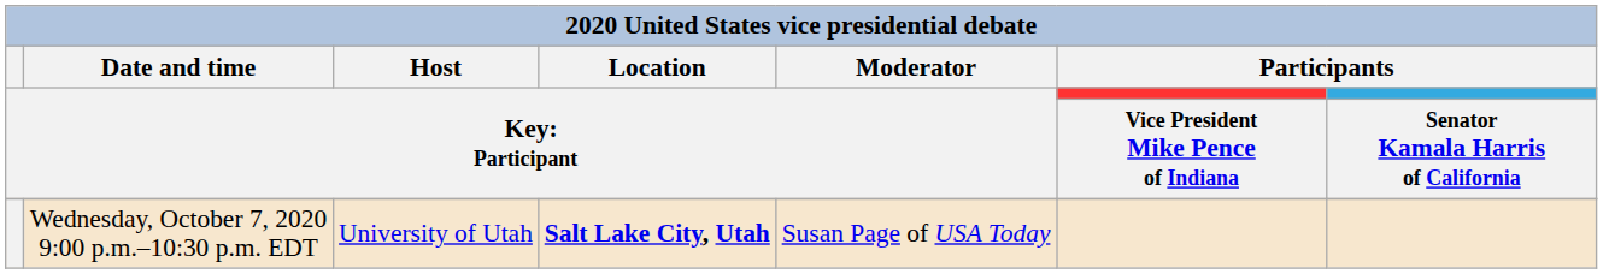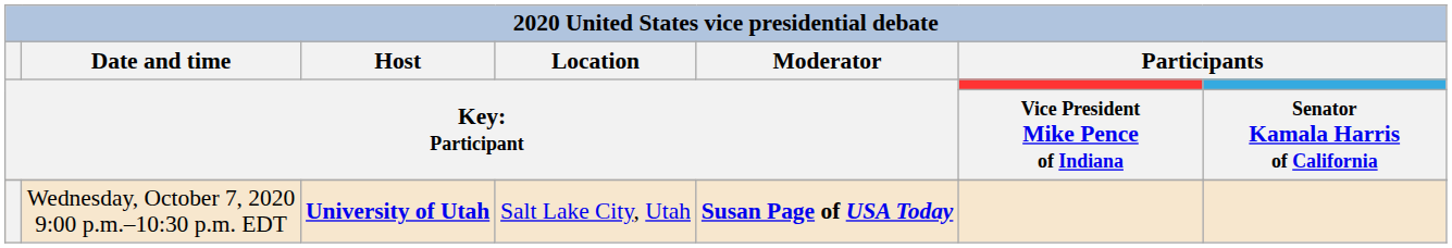 <table class="wikitable">
 <tr>
 <th style="background:#B0C4DE" colspan="16">2020 United States vice presidential debate</th>
 </tr>
 <tr>
 <th style="white-space:nowrap;"> </th>
 <th>Date and time</th>
 <th>Host</th>
 <th>Location</th>
 <th>Moderator</th>
 <th scope="col" colspan="10">Participants</th>
 </tr>
 <tr>
 <th colspan="5" rowspan="2">Key:<br> <small>Participant  </small></th>
 <th scope="col" style="width:10em; background: #FF3333;"><small><a href='#'></a></small></th>
 <th scope="col" style="width:10em; background: #34AAE0;"><small><a href='#'></a></small></th>
 </tr>
 <tr>
 <th><small>Vice President</small><br><a href='#'>Mike Pence</a><br><small>of <a href='#'>Indiana</a></small></th>
 <th><small>Senator</small><br><a href='#'>Kamala Harris</a><br><small>of <a href='#'>California</a></small></th>
 </tr>
 <tr>
 </tr>
 <tr bgcolor="#F7E7CE">
 <th></th>
 <td style="white-space:nowrap; text-align:center;">Wednesday, October 7, 2020<br>9:00 p.m.–10:30 p.m. EDT</td>
-<td style="white-space:nowrap; text-align:center;"><a href='#'>University of Utah</a></td>
-<td style="white-space:nowrap; text-align:center;"><strong><a href='#'>Salt Lake City</a>, <a href='#'>Utah</a></strong></td>
-<td style="white-space:nowrap; text-align:center;"><a href='#'>Susan Page</a> of <em><a href='#'>USA Today</a></em></td>
+<td style="white-space:nowrap; text-align:center;"><strong><a href='#'>University of Utah</a></strong></td>
+<td style="white-space:nowrap; text-align:center;"><a href='#'>Salt Lake City</a>, <a href='#'>Utah</a></td>
+<td style="white-space:nowrap; text-align:center;"><strong><a href='#'>Susan Page</a> of <em><a href='#'>USA Today</a></em></strong></td>
 <td></td>
 <td></td>
 </tr>
 </table>
